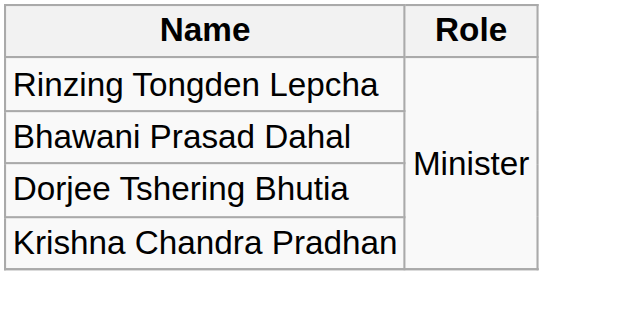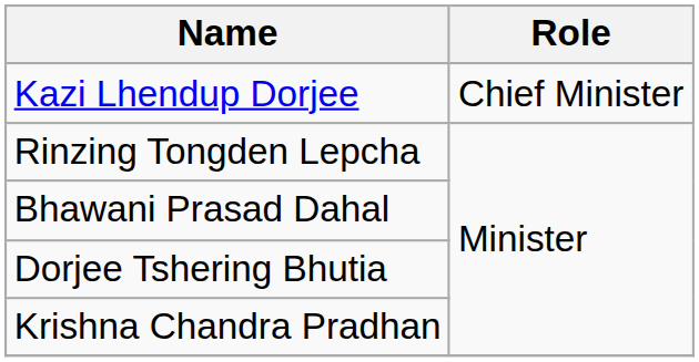 <table class="wikitable sortable">
 <tr>
 <th>Name</th>
 <th>Role</th>
+</tr>
+<tr>
+<td><a href='#'>Kazi Lhendup Dorjee</a></td>
+<td>Chief Minister</td>
 </tr>
 <tr>
 <td>Rinzing Tongden Lepcha</td>
 <td rowspan=4>Minister</td>
 </tr>
 <tr>
 <td>Bhawani Prasad Dahal</td>
 </tr>
 <tr>
 <td>Dorjee Tshering Bhutia</td>
 </tr>
 <tr>
 <td>Krishna Chandra Pradhan</td>
 </tr>
 <tr>
 </tr>
 </table>
